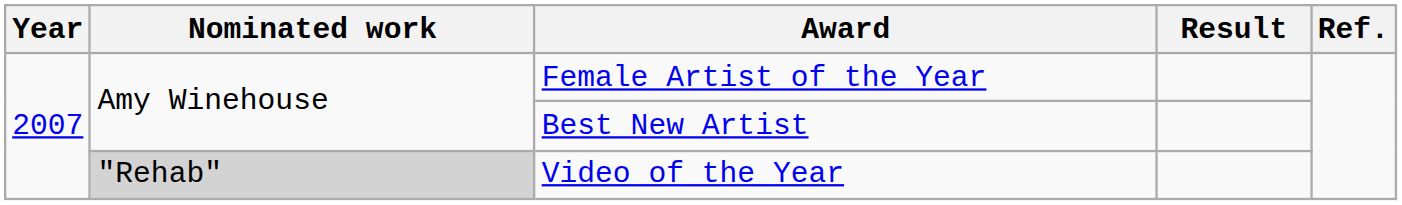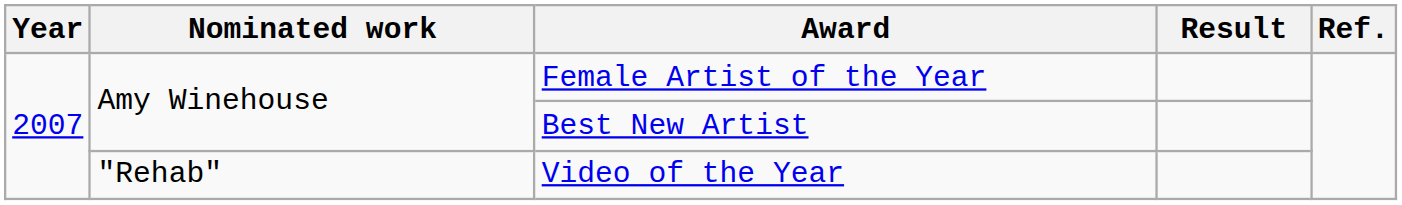 <table class="wikitable">
 <tr>
 <th>Year</th>
 <th width="220">Nominated work</th>
 <th width="325">Award</th>
 <th width="65">Result</th>
 <th>Ref.</th>
 </tr>
 <tr>
 <td align="center" rowspan=3><a href='#'>2007</a></td>
 <td rowspan=2>Amy Winehouse</td>
 <td><a href='#'>Female Artist of the Year</a></td>
 <td></td>
 <td align="center" rowspan=3></td>
 </tr>
 <tr>
 <td><a href='#'>Best New Artist</a></td>
 <td></td>
 </tr>
 <tr>
-<td style="background: lightgrey;">"Rehab"</td>
+<td>"Rehab"</td>
 <td><a href='#'>Video of the Year</a></td>
 <td></td>
 </tr>
 </table>
